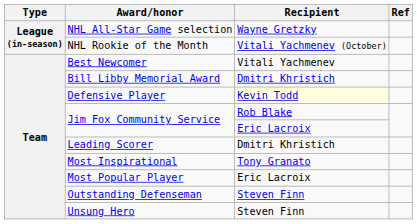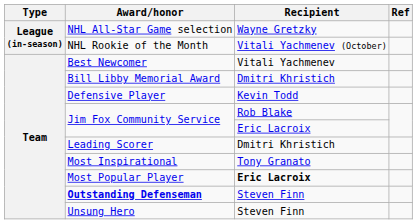 <table class="wikitable">
 <tr>
 <th scope="col">Type</th>
 <th scope="col">Award/honor</th>
 <th scope="col">Recipient</th>
 <th scope="col">Ref</th>
 </tr>
 <tr>
 <th scope="row" rowspan=2>League<br><small>(in-season)</small></th>
 <td><a href='#'>NHL All-Star Game</a> selection</td>
 <td><a href='#'>Wayne Gretzky</a></td>
 <td></td>
 </tr>
 <tr>
 <td>NHL Rookie of the Month</td>
 <td><a href='#'>Vitali Yachmenev</a> <small>(October)</small></td>
 <td></td>
 </tr>
 <tr>
 <th scope="row" rowspan="10">Team</th>
 <td><a href='#'>Best Newcomer</a></td>
 <td>Vitali Yachmenev</td>
 <td></td>
 </tr>
 <tr>
 <td><a href='#'>Bill Libby Memorial Award</a></td>
 <td><a href='#'>Dmitri Khristich</a></td>
 <td></td>
 </tr>
 <tr>
 <td><a href='#'>Defensive Player</a></td>
-<td style="background: lightyellow;"><a href='#'>Kevin Todd</a></td>
+<td><a href='#'>Kevin Todd</a></td>
 <td></td>
 </tr>
 <tr>
 <td rowspan="2"><a href='#'>Jim Fox Community Service</a></td>
 <td><a href='#'>Rob Blake</a></td>
 <td rowspan="2"></td>
 </tr>
 <tr>
 <td><a href='#'>Eric Lacroix</a></td>
 </tr>
 <tr>
 <td><a href='#'>Leading Scorer</a></td>
 <td>Dmitri Khristich</td>
 <td></td>
 </tr>
 <tr>
 <td><a href='#'>Most Inspirational</a></td>
 <td><a href='#'>Tony Granato</a></td>
 <td></td>
 </tr>
 <tr>
 <td><a href='#'>Most Popular Player</a></td>
-<td>Eric Lacroix</td>
+<td><strong>Eric Lacroix</strong></td>
 <td></td>
 </tr>
 <tr>
-<td><a href='#'>Outstanding Defenseman</a></td>
+<td><strong><a href='#'>Outstanding Defenseman</a></strong></td>
 <td><a href='#'>Steven Finn</a></td>
 <td></td>
 </tr>
 <tr>
 <td><a href='#'>Unsung Hero</a></td>
 <td>Steven Finn</td>
 <td></td>
 </tr>
 </table>
